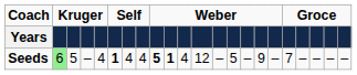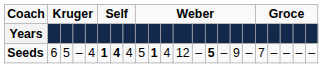 <table class="wikitable">
 <tr>
 <td style="text-align:center; "><strong>Coach</strong></td>
 <td colspan="4"; align=center><strong>Kruger</strong></td>
 <td colspan="3"; align=center><strong>Self</strong></td>
 <td colspan="9"; align=center><strong>Weber</strong></td>
 <td colspan="5"; align=center><strong>Groce</strong></td>
 </tr>
 <tr>
 <th>Years</th>
 <th style="background: #13294B;"><a href='#'></a></th>
 <th style="background: #13294B;"><a href='#'></a></th>
 <th style="background: #13294B;"><a href='#'></a></th>
 <th style="background: #13294B;"><a href='#'></a></th>
 <th style="background: #13294B;"><a href='#'></a></th>
 <th style="background: #13294B;"><a href='#'></a></th>
 <th style="background: #13294B;"><a href='#'></a></th>
 <th style="background: #13294B;"><a href='#'></a></th>
 <th style="background: #13294B;"><a href='#'></a></th>
 <th style="background: #13294B;"><a href='#'></a></th>
 <th style="background: #13294B;"><a href='#'></a></th>
 <th style="background: #13294B;"><a href='#'></a></th>
 <th style="background: #13294B;"><a href='#'></a></th>
 <th style="background: #13294B;"><a href='#'></a></th>
 <th style="background: #13294B;"><a href='#'></a></th>
 <th style="background: #13294B;"><a href='#'></a></th>
 <th style="background: #13294B;"><a href='#'></a></th>
 <th style="background: #13294B;"><a href='#'></a></th>
 <th style="background: #13294B;"><a href='#'></a></th>
 <th style="background: #13294B;"><a href='#'></a></th>
 <th style="background: #13294B;"><a href='#'></a></th>
 </tr>
 <tr align=center>
 <td style="text-align:left; "><strong>Seeds</strong></td>
-<td style="background: lightgreen;">6</td>
+<td>6</td>
 <td>5</td>
 <td>–</td>
 <td>4</td>
 <td><strong>1</strong></td>
+<td><strong>4</strong></td>
 <td>4</td>
-<td>4</td>
-<td><strong>5</strong></td>
+<td>5</td>
 <td><strong>1</strong></td>
 <td>4</td>
 <td>12</td>
 <td>–</td>
-<td>5</td>
+<td><strong>5</strong></td>
 <td>–</td>
 <td>9</td>
 <td>–</td>
 <td>7</td>
 <td>–</td>
 <td>–</td>
 <td>–</td>
 <td>–</td>
 </tr>
 </table>
